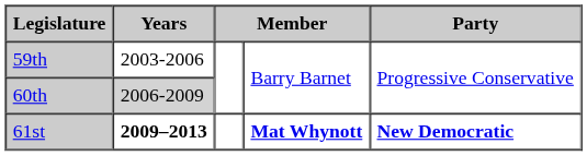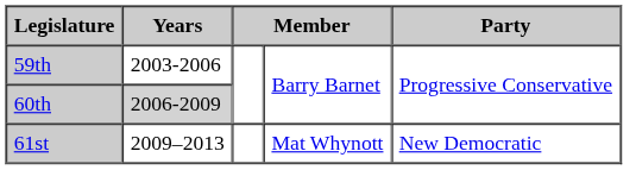 <table border=1 cellpadding=5 cellspacing=0>
 <tr bgcolor="CCCCCC">
 <th>Legislature</th>
 <th>Years</th>
 <th colspan="2">Member</th>
 <th>Party</th>
 </tr>
 <tr>
 <td bgcolor="CCCCCC"><a href='#'>59th</a></td>
 <td>2003-2006</td>
 <td rowspan="2" ></td>
 <td rowspan="2"><a href='#'>Barry Barnet</a></td>
 <td rowspan="2"><a href='#'>Progressive Conservative</a></td>
 </tr>
 <tr>
 <td bgcolor="CCCCCC"><a href='#'>60th</a></td>
 <td style="background: lightgrey;">2006-2009</td>
 </tr>
 <tr>
 <td bgcolor="CCCCCC"><a href='#'>61st</a></td>
-<td><strong>2009–2013</strong></td>
+<td>2009–2013</td>
 <td>   </td>
-<td><strong><a href='#'>Mat Whynott</a></strong></td>
-<td><strong><a href='#'>New Democratic</a></strong></td>
+<td><a href='#'>Mat Whynott</a></td>
+<td><a href='#'>New Democratic</a></td>
 </tr>
 </table>
